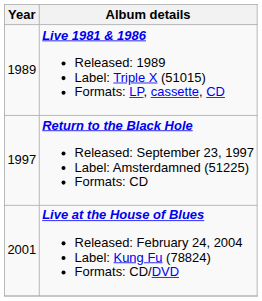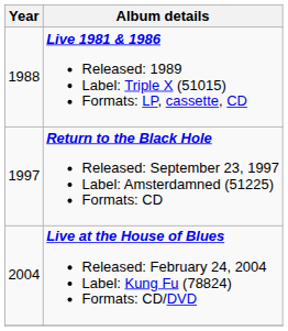 <table class ="wikitable">
 <tr>
 <th>Year</th>
 <th>Album details</th>
 </tr>
 <tr>
-<td>1989</td>
+<td>1988</td>
 <td><strong><em><a href='#'>Live 1981 & 1986</a></em></strong><br><ul><li>Released: 1989</li><li>Label: <a href='#'>Triple X</a> (51015)</li><li>Formats: <a href='#'>LP</a>, <a href='#'>cassette</a>, <a href='#'>CD</a></li></ul></td>
 </tr>
 <tr>
 <td>1997</td>
 <td><strong><em><a href='#'>Return to the Black Hole</a></em></strong><br><ul><li>Released: September 23, 1997</li><li>Label: Amsterdamned (51225)</li><li>Formats: CD</li></ul></td>
 </tr>
 <tr>
-<td>2001</td>
+<td>2004</td>
 <td><strong><em><a href='#'>Live at the House of Blues</a></em></strong><br><ul><li>Released: February 24, 2004</li><li>Label: <a href='#'>Kung Fu</a> (78824)</li><li>Formats: CD/<a href='#'>DVD</a></li></ul></td>
 </tr>
 <tr>
 </tr>
 </table>
